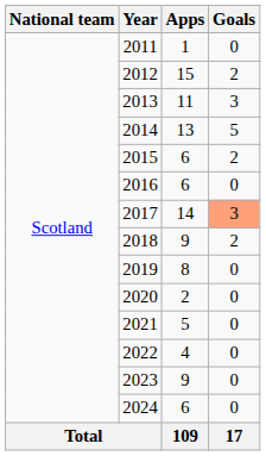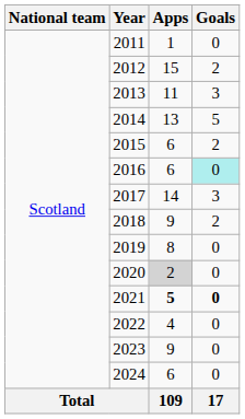 <table class="wikitable" style="text-align:center">
 <tr>
 <th>National team</th>
 <th>Year</th>
 <th>Apps</th>
 <th>Goals</th>
 </tr>
 <tr>
 <td rowspan="14"><a href='#'>Scotland</a></td>
 <td>2011</td>
 <td>1</td>
 <td>0</td>
 </tr>
 <tr>
 <td>2012</td>
 <td>15</td>
 <td>2</td>
 </tr>
 <tr>
 <td>2013</td>
 <td>11</td>
 <td>3</td>
 </tr>
 <tr>
 <td>2014</td>
 <td>13</td>
 <td>5</td>
 </tr>
 <tr>
 <td>2015</td>
 <td>6</td>
 <td>2</td>
 </tr>
 <tr>
 <td>2016</td>
 <td>6</td>
-<td>0</td>
+<td style="background: paleturquoise;">0</td>
 </tr>
 <tr>
 <td>2017</td>
 <td>14</td>
-<td style="background: lightsalmon;">3</td>
+<td>3</td>
 </tr>
 <tr>
 <td>2018</td>
 <td>9</td>
 <td>2</td>
 </tr>
 <tr>
 <td>2019</td>
 <td>8</td>
 <td>0</td>
 </tr>
 <tr>
 <td>2020</td>
-<td>2</td>
+<td style="background: lightgrey;">2</td>
 <td>0</td>
 </tr>
 <tr>
 <td>2021</td>
-<td>5</td>
-<td>0</td>
+<td><strong>5</strong></td>
+<td><strong>0</strong></td>
 </tr>
 <tr>
 <td>2022</td>
 <td>4</td>
 <td>0</td>
 </tr>
 <tr>
 <td>2023</td>
 <td>9</td>
 <td>0</td>
 </tr>
 <tr>
 <td>2024</td>
 <td>6</td>
 <td>0</td>
 </tr>
 <tr>
 <th colspan=2>Total</th>
 <th>109</th>
 <th>17</th>
 </tr>
 </table>
